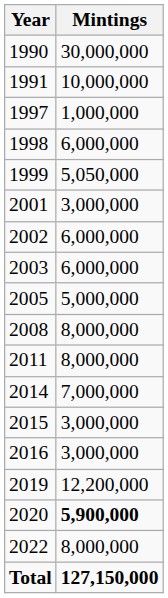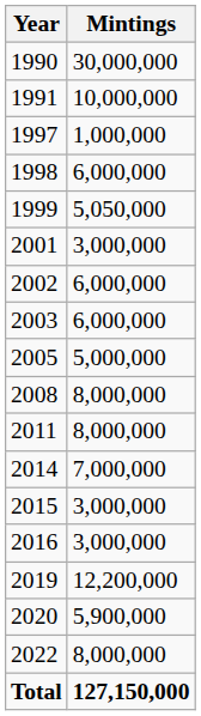 <table class="wikitable">
 <tr>
 <th>Year</th>
 <th>Mintings</th>
 </tr>
 <tr>
 <td>1990</td>
 <td>30,000,000</td>
 </tr>
 <tr>
 <td>1991</td>
 <td>10,000,000</td>
 </tr>
 <tr>
 <td>1997</td>
 <td>1,000,000</td>
 </tr>
 <tr>
 <td>1998</td>
 <td>6,000,000</td>
 </tr>
 <tr>
 <td>1999</td>
 <td>5,050,000</td>
 </tr>
 <tr>
 <td>2001</td>
 <td>3,000,000</td>
 </tr>
 <tr>
 <td>2002</td>
 <td>6,000,000</td>
 </tr>
 <tr>
 <td>2003</td>
 <td>6,000,000</td>
 </tr>
 <tr>
 <td>2005</td>
 <td>5,000,000</td>
 </tr>
 <tr>
 <td>2008</td>
 <td>8,000,000</td>
 </tr>
 <tr>
 <td>2011</td>
 <td>8,000,000</td>
 </tr>
 <tr>
 <td>2014</td>
 <td>7,000,000</td>
 </tr>
 <tr>
 <td>2015</td>
 <td>3,000,000</td>
 </tr>
 <tr>
 <td>2016</td>
 <td>3,000,000</td>
 </tr>
 <tr>
 <td>2019</td>
 <td>12,200,000</td>
 </tr>
 <tr>
 <td>2020</td>
-<td><strong>5,900,000</strong></td>
+<td>5,900,000</td>
 </tr>
 <tr>
 <td>2022</td>
 <td>8,000,000</td>
 </tr>
 <tr>
 <td><strong>Total</strong></td>
 <td><strong>127,150,000</strong></td>
 </tr>
 </table>
